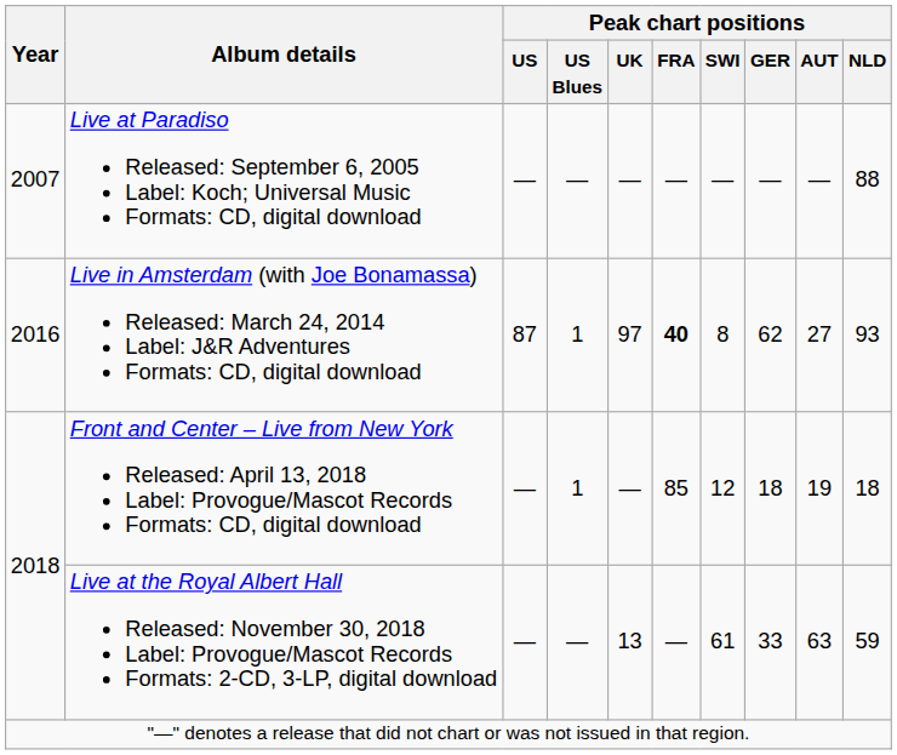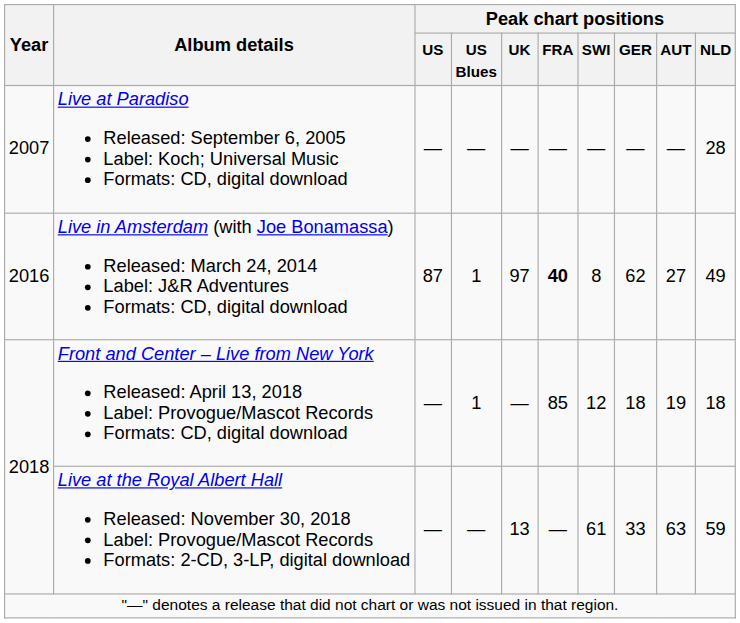 <table class=wikitable style=text-align:center;>
 <tr>
 <th rowspan="2">Year</th>
 <th rowspan="2">Album details</th>
 <th colspan="8">Peak chart positions</th>
 </tr>
 <tr style="vertical-align:top;line-height:1.2">
 <th width=25px><small>US</small><br></th>
 <th width=25px><small>US Blues</small><br></th>
 <th width=25px><small>UK</small><br></th>
 <th width=25px><small>FRA</small><br></th>
 <th width=25px><small>SWI</small><br></th>
 <th width=25px><small>GER</small><br></th>
 <th width=25px><small>AUT</small><br></th>
 <th width=25px><small>NLD</small><br></th>
 </tr>
 <tr>
 <td>2007</td>
 <td align=left><em><a href='#'>Live at Paradiso</a></em><br><ul><li>Released: September 6, 2005</li><li>Label: Koch; Universal Music</li><li>Formats: CD, digital download</li></ul></td>
 <td>—</td>
 <td>—</td>
 <td>—</td>
 <td>—</td>
 <td>—</td>
 <td>—</td>
 <td>—</td>
-<td>88</td>
+<td>28</td>
 </tr>
 <tr>
 <td>2016</td>
 <td align=left><em><a href='#'>Live in Amsterdam</a></em> (with <a href='#'>Joe Bonamassa</a>)<br><ul><li>Released: March 24, 2014</li><li>Label: J&R Adventures</li><li>Formats: CD, digital download</li></ul></td>
 <td>87</td>
 <td>1</td>
 <td>97</td>
 <td><strong>40</strong></td>
 <td>8</td>
 <td>62</td>
 <td>27</td>
-<td>93</td>
+<td>49</td>
 </tr>
 <tr>
 <td rowspan="2">2018</td>
 <td align=left><em><a href='#'>Front and Center – Live from New York</a></em><br><ul><li>Released: April 13, 2018</li><li>Label: Provogue/Mascot Records</li><li>Formats: CD, digital download</li></ul></td>
 <td>—</td>
 <td>1</td>
 <td>—</td>
 <td>85</td>
 <td>12</td>
 <td>18</td>
 <td>19</td>
 <td>18</td>
 </tr>
 <tr>
 <td align=left><em><a href='#'>Live at the Royal Albert Hall</a></em><br><ul><li>Released: November 30, 2018</li><li>Label: Provogue/Mascot Records</li><li>Formats: 2-CD, 3-LP, digital download</li></ul></td>
 <td>—</td>
 <td>—</td>
 <td>13</td>
 <td>—</td>
 <td>61</td>
 <td>33</td>
 <td>63</td>
 <td>59</td>
 </tr>
 <tr>
 <td colspan=25 style=font-size:85%;>"—" denotes a release that did not chart or was not issued in that region.</td>
 </tr>
 </table>
